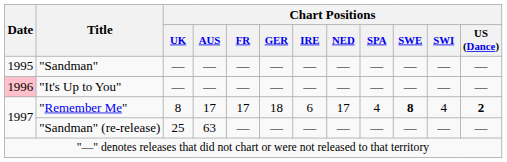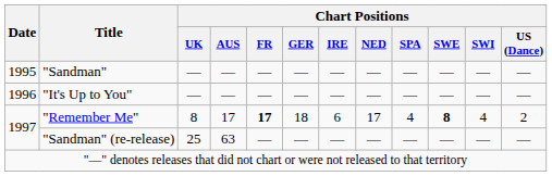 <table class="wikitable" style="text-align:center;">
 <tr>
 <th rowspan="2">Date</th>
 <th rowspan="2">Title</th>
 <th colspan="10">Chart Positions</th>
 </tr>
 <tr style="font-size:smaller;">
 <th style="width:30px;"><a href='#'>UK</a><br></th>
 <th style="width:35px;"><a href='#'>AUS</a><br></th>
 <th style="width:35px;"><a href='#'>FR</a><br></th>
 <th style="width:35px;"><a href='#'>GER</a><br></th>
 <th style="width:35px;"><a href='#'>IRE</a><br></th>
 <th style="width:35px;"><a href='#'>NED</a><br></th>
 <th style="width:35px;"><a href='#'>SPA</a><br></th>
 <th style="width:35px;"><a href='#'>SWE</a><br></th>
 <th style="width:35px;"><a href='#'>SWI</a><br></th>
 <th style="width:35px;">US<br>(<a href='#'>Dance</a>)</th>
 </tr>
 <tr>
 <td>1995</td>
 <td style="text-align:left">"Sandman"</td>
 <td>—</td>
 <td>—</td>
 <td>—</td>
 <td>—</td>
 <td>—</td>
 <td>—</td>
 <td>—</td>
 <td>—</td>
 <td>—</td>
 <td>—</td>
 </tr>
 <tr>
-<td style="background: pink;">1996</td>
+<td>1996</td>
 <td style="text-align:left">"It's Up to You"</td>
 <td>—</td>
 <td>—</td>
 <td>—</td>
 <td>—</td>
 <td>—</td>
 <td>—</td>
 <td>—</td>
 <td>—</td>
 <td>—</td>
 <td>—</td>
 </tr>
 <tr>
 <td rowspan="2">1997</td>
 <td style="text-align:left">"<a href='#'>Remember Me</a>"</td>
 <td>8</td>
 <td>17</td>
-<td>17</td>
+<td><strong>17</strong></td>
 <td>18</td>
 <td>6</td>
 <td>17</td>
 <td>4</td>
 <td><strong>8</strong></td>
 <td>4</td>
-<td><strong>2</strong></td>
+<td>2</td>
 </tr>
 <tr>
 <td style="text-align:left">"Sandman" (re-release)</td>
 <td>25</td>
 <td>63</td>
 <td>—</td>
 <td>—</td>
 <td>—</td>
 <td>—</td>
 <td>—</td>
 <td>—</td>
 <td>—</td>
 <td>—</td>
 </tr>
 <tr>
 <td colspan="12" style="font-size:90%; text-align:center">"—" denotes releases that did not chart or were not released to that territory</td>
 </tr>
 </table>
